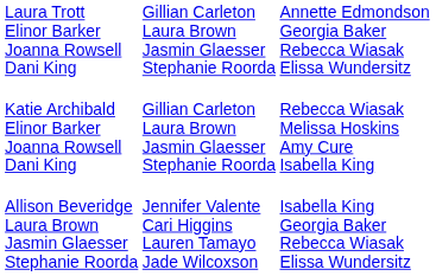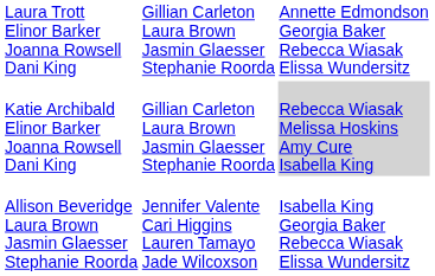 <table>
 <tr>
 <td><br><em><small></small></em></td>
 <td><br><a href='#'>Laura Trott</a><br><a href='#'>Elinor Barker</a><br><a href='#'>Joanna Rowsell</a><br><a href='#'>Dani King</a></td>
 <td><br><a href='#'>Gillian Carleton</a><br><a href='#'>Laura Brown</a><br><a href='#'>Jasmin Glaesser</a><br><a href='#'>Stephanie Roorda</a></td>
 <td><br><a href='#'>Annette Edmondson</a><br><a href='#'>Georgia Baker</a><br><a href='#'>Rebecca Wiasak</a><br><a href='#'>Elissa Wundersitz</a></td>
 </tr>
 <tr>
 <td><br><em><small></small></em></td>
 <td><br><a href='#'>Katie Archibald</a><br><a href='#'>Elinor Barker</a><br><a href='#'>Joanna Rowsell</a><br><a href='#'>Dani King</a></td>
 <td><br><a href='#'>Gillian Carleton</a><br><a href='#'>Laura Brown</a><br><a href='#'>Jasmin Glaesser</a><br><a href='#'>Stephanie Roorda</a></td>
-<td><br><a href='#'>Rebecca Wiasak</a><br><a href='#'>Melissa Hoskins</a><br><a href='#'>Amy Cure</a><br><a href='#'>Isabella King</a></td>
+<td style="background: lightgrey;"><br><a href='#'>Rebecca Wiasak</a><br><a href='#'>Melissa Hoskins</a><br><a href='#'>Amy Cure</a><br><a href='#'>Isabella King</a></td>
 </tr>
 <tr>
 <td><br><em><small></small></em></td>
 <td><br><a href='#'>Allison Beveridge</a><br><a href='#'>Laura Brown</a><br><a href='#'>Jasmin Glaesser</a><br><a href='#'>Stephanie Roorda</a></td>
 <td><br><a href='#'>Jennifer Valente</a><br><a href='#'>Cari Higgins</a><br><a href='#'>Lauren Tamayo</a><br><a href='#'>Jade Wilcoxson</a></td>
 <td><br><a href='#'>Isabella King</a><br><a href='#'>Georgia Baker</a><br><a href='#'>Rebecca Wiasak</a><br><a href='#'>Elissa Wundersitz</a></td>
 </tr>
 </table>
